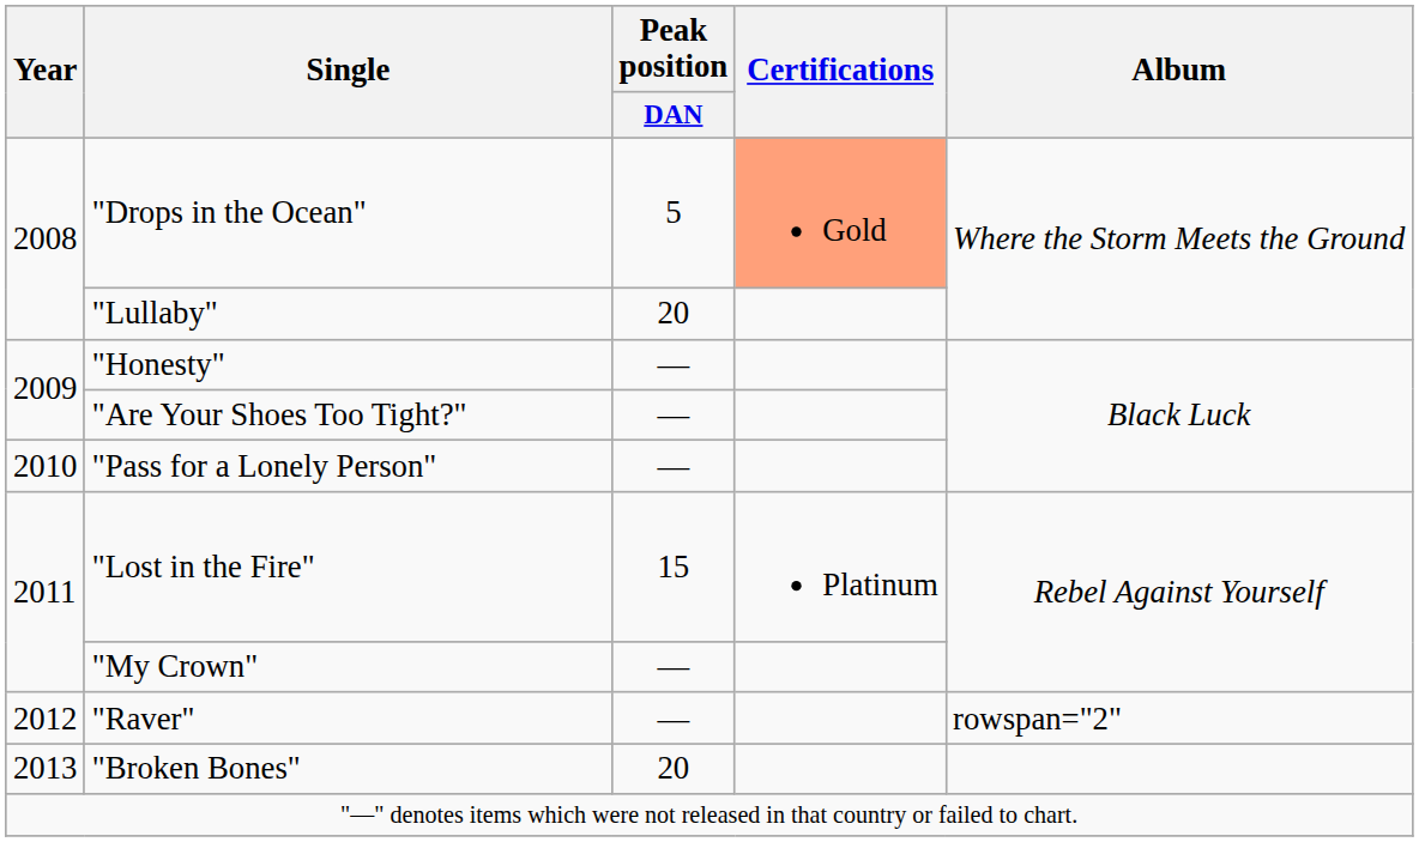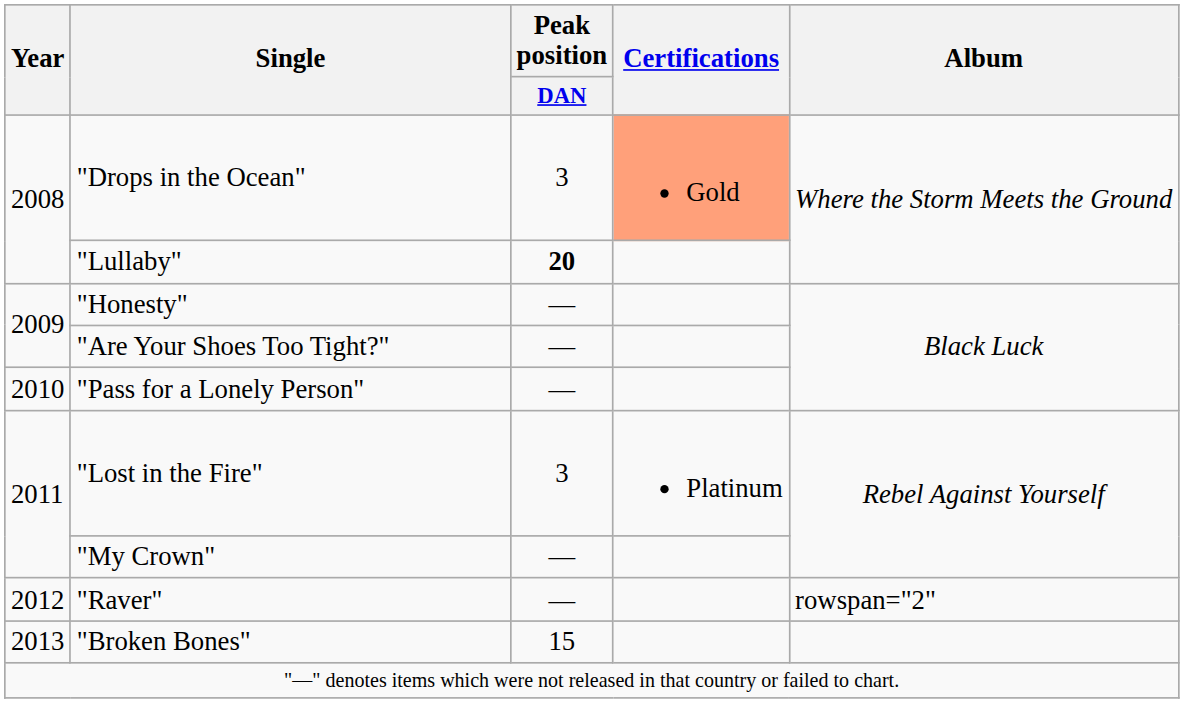 <table class="wikitable plainrowheaders" style="text-align:left;" border="1">
 <tr>
 <th scope="col" rowspan="2">Year</th>
 <th scope="col" rowspan="2" style="width:16em;">Single</th>
 <th scope="col" colspan="1">Peak position</th>
 <th scope="col" rowspan="2"><a href='#'>Certifications</a></th>
 <th scope="col" rowspan="2">Album</th>
 </tr>
 <tr>
 <th scope="col" style="width:3em;font-size:85%;"><a href='#'>DAN</a><br></th>
 </tr>
 <tr>
 <td rowspan="2">2008</td>
 <td>"Drops in the Ocean"</td>
-<td style="text-align:center;">5</td>
+<td style="text-align:center;">3</td>
 <td style="background: lightsalmon;"><br><ul><li>Gold</li></ul></td>
 <td align="center" rowspan="2"><em>Where the Storm Meets the Ground</em></td>
 </tr>
 <tr>
 <td>"Lullaby"</td>
-<td style="text-align:center;">20</td>
+<td style="text-align:center;"><strong>20</strong></td>
 <td></td>
 </tr>
 <tr>
 <td rowspan="2">2009</td>
 <td>"Honesty"</td>
 <td style="text-align:center;">—</td>
 <td></td>
 <td align="center" rowspan="3"><em>Black Luck</em></td>
 </tr>
 <tr>
 <td>"Are Your Shoes Too Tight?"</td>
 <td style="text-align:center;">—</td>
 <td></td>
 </tr>
 <tr>
 <td>2010</td>
 <td>"Pass for a Lonely Person"</td>
 <td style="text-align:center;">—</td>
 <td></td>
 </tr>
 <tr>
 <td rowspan="2">2011</td>
 <td>"Lost in the Fire"</td>
-<td style="text-align:center;">15</td>
+<td style="text-align:center;">3</td>
 <td><br><ul><li>Platinum</li></ul></td>
 <td align="center" rowspan="2"><em>Rebel Against Yourself</em></td>
 </tr>
 <tr>
 <td>"My Crown"</td>
 <td style="text-align:center;">—</td>
 <td></td>
 </tr>
 <tr>
 <td>2012</td>
 <td>"Raver"</td>
 <td style="text-align:center;">—</td>
 <td></td>
 <td>rowspan="2" </td>
 </tr>
 <tr>
 <td>2013</td>
 <td>"Broken Bones"</td>
-<td style="text-align:center;">20</td>
+<td style="text-align:center;">15</td>
 <td></td>
 </tr>
 <tr>
 <td colspan="5" style="font-size:9pt;text-align:center;">"—" denotes items which were not released in that country or failed to chart.</td>
 </tr>
 </table>
